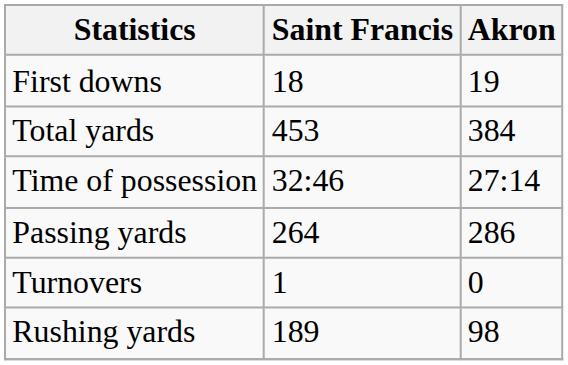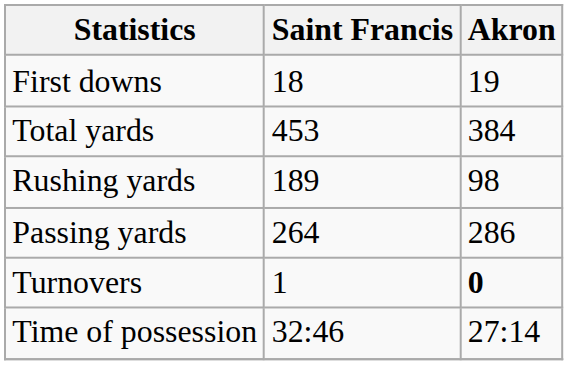 <table class="wikitable">
 <tr>
 <th>Statistics</th>
 <th>Saint Francis</th>
 <th>Akron</th>
 </tr>
 <tr>
 <td>First downs</td>
 <td>18</td>
 <td>19</td>
 </tr>
 <tr>
 <td>Total yards</td>
 <td>453</td>
 <td>384</td>
 </tr>
 <tr>
-<td>Time of possession</td>
-<td>32:46</td>
-<td>27:14</td>
+<td>Rushing yards</td>
+<td>189</td>
+<td>98</td>
 </tr>
 <tr>
 <td>Passing yards</td>
 <td>264</td>
 <td>286</td>
 </tr>
 <tr>
 <td>Turnovers</td>
 <td>1</td>
-<td>0</td>
+<td><strong>0</strong></td>
 </tr>
 <tr>
-<td>Rushing yards</td>
-<td>189</td>
-<td>98</td>
+<td>Time of possession</td>
+<td>32:46</td>
+<td>27:14</td>
 </tr>
 <tr>
 </tr>
 </table>
